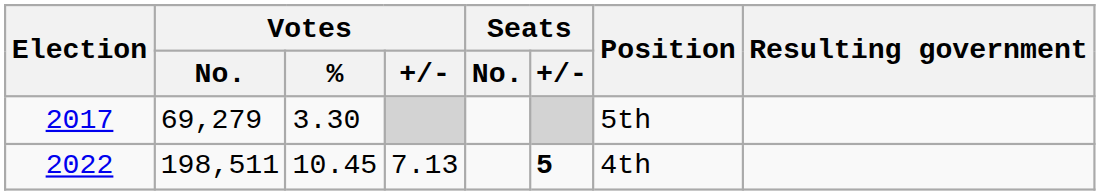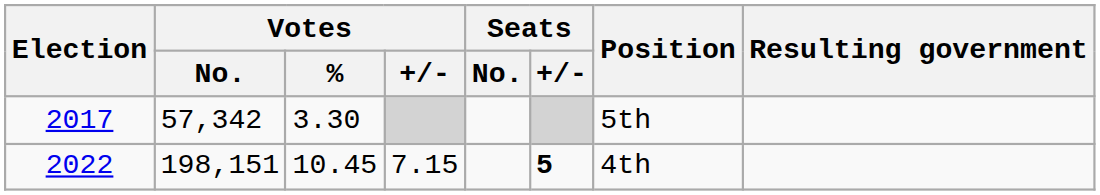 <table class="wikitable">
 <tr>
 <th rowspan="2" style="background-color:">Election</th>
 <th colspan="3" style="background-color:">Votes</th>
 <th colspan="2" style="background-color:">Seats</th>
 <th rowspan="2" style="background-color:">Position</th>
 <th rowspan="2" style="background-color:">Resulting government</th>
 </tr>
 <tr>
 <th style="background-color:">No.</th>
 <th style="background-color:">%</th>
 <th style="background-color:">+/-</th>
 <th style="background-color:">No.</th>
 <th style="background-color:">+/-</th>
 </tr>
 <tr>
 <td style="text-align: center;"><a href='#'>2017</a></td>
-<td>69,279</td>
+<td>57,342</td>
 <td>3.30</td>
 <td bgcolor="lightgray"></td>
 <td></td>
 <td bgcolor="lightgray"></td>
 <td>5th</td>
 <td></td>
 </tr>
 <tr>
 <td style="text-align: center;"><a href='#'>2022</a></td>
-<td>198,511</td>
+<td>198,151</td>
 <td>10.45</td>
-<td> 7.13</td>
+<td> 7.15</td>
 <td></td>
 <td><strong> 5</strong></td>
 <td> 4th</td>
 <td></td>
 </tr>
 </table>
